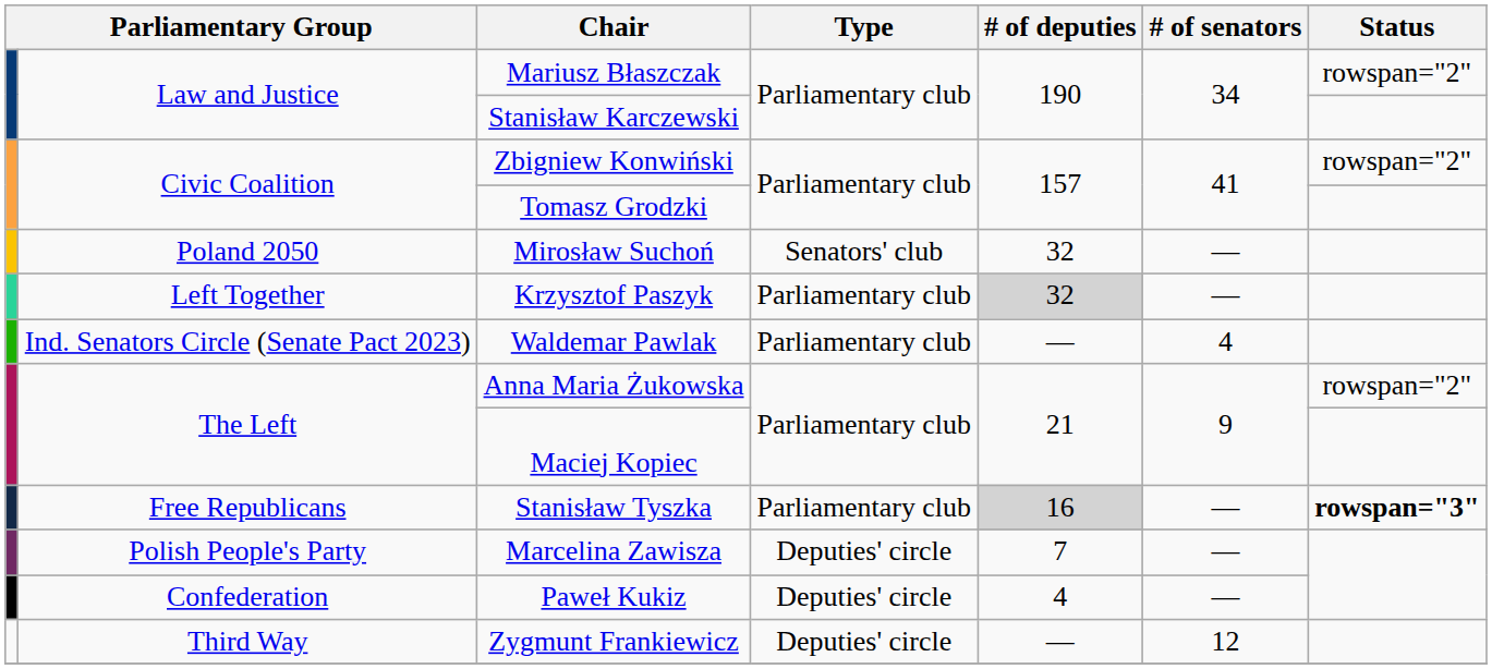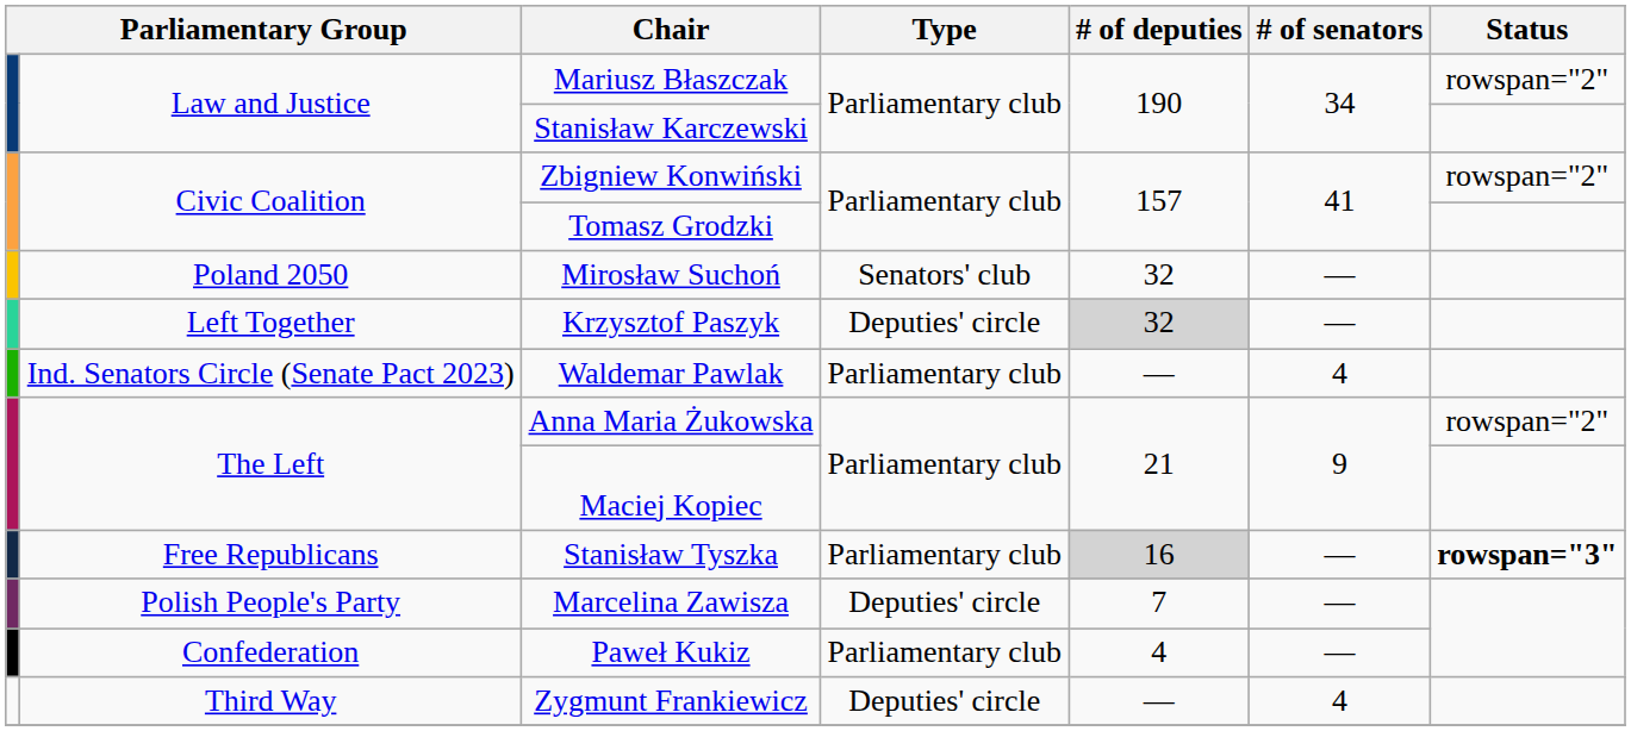 <table class="wikitable" width="auto" style="text-align: center">
 <tr>
 <th colspan="2">Parliamentary Group</th>
 <th>Chair</th>
 <th>Type</th>
 <th># of deputies</th>
 <th># of senators</th>
 <th>Status</th>
 </tr>
 <tr>
 <td rowspan="2" bgcolor="#073a76"></td>
 <td rowspan="2"><a href='#'>Law and Justice</a></td>
 <td><a href='#'>Mariusz Błaszczak</a> </td>
 <td rowspan="2">Parliamentary club</td>
 <td rowspan="2">190</td>
 <td rowspan="2">34</td>
 <td>rowspan="2" </td>
 </tr>
 <tr>
 <td><a href='#'>Stanisław Karczewski</a> </td>
 </tr>
 <tr>
 <td rowspan="2" bgcolor="#fca241"></td>
 <td rowspan="2"><a href='#'>Civic Coalition</a></td>
 <td><a href='#'>Zbigniew Konwiński</a> </td>
 <td rowspan="2">Parliamentary club</td>
 <td rowspan="2">157</td>
 <td rowspan="2">41</td>
 <td>rowspan="2" </td>
 </tr>
 <tr>
 <td><a href='#'>Tomasz Grodzki</a> </td>
 </tr>
 <tr>
 <td bgcolor="#fbc400"></td>
 <td><a href='#'>Poland 2050</a></td>
 <td><a href='#'>Mirosław Suchoń</a> </td>
 <td>Senators' club</td>
 <td>32</td>
 <td>—</td>
 <td></td>
 </tr>
 <tr>
 <td bgcolor="#2ad499"></td>
 <td><a href='#'>Left Together</a></td>
 <td><a href='#'>Krzysztof Paszyk</a> </td>
-<td>Parliamentary club</td>
+<td>Deputies' circle</td>
 <td style="background: lightgrey;">32</td>
 <td>—</td>
 <td></td>
 </tr>
 <tr>
 <td bgcolor="#1bb100"></td>
 <td><a href='#'>Ind. Senators Circle</a> (<a href='#'>Senate Pact 2023</a>)</td>
 <td><a href='#'>Waldemar Pawlak</a> </td>
 <td>Parliamentary club</td>
 <td>—</td>
 <td>4</td>
 <td></td>
 </tr>
 <tr>
 <td rowspan="2" bgcolor="#ac145a"></td>
 <td rowspan="2"><a href='#'>The Left</a></td>
 <td><a href='#'>Anna Maria Żukowska</a> </td>
 <td rowspan="2">Parliamentary club</td>
 <td rowspan="2">21</td>
 <td rowspan="2">9</td>
 <td>rowspan="2" </td>
 </tr>
 <tr>
 <td><br><a href='#'>Maciej Kopiec</a><br></td>
 </tr>
 <tr>
 <td bgcolor="#122948"></td>
 <td><a href='#'>Free Republicans</a></td>
 <td><a href='#'>Stanisław Tyszka</a></td>
 <td>Parliamentary club</td>
 <td style="background: lightgrey;">16</td>
 <td>—</td>
 <td><strong>rowspan="3" </strong></td>
 </tr>
 <tr>
 <td bgcolor="#702963"></td>
 <td><a href='#'>Polish People's Party</a></td>
 <td><a href='#'>Marcelina Zawisza</a></td>
 <td>Deputies' circle</td>
 <td>7</td>
 <td>—</td>
 </tr>
 <tr>
 <td bgcolor="#000000"></td>
 <td><a href='#'>Confederation</a></td>
 <td><a href='#'>Paweł Kukiz</a></td>
-<td>Deputies' circle</td>
+<td>Parliamentary club</td>
 <td>4</td>
 <td>—</td>
 </tr>
 <tr>
 <td></td>
 <td><a href='#'>Third Way</a></td>
 <td><a href='#'>Zygmunt Frankiewicz</a></td>
 <td>Deputies' circle</td>
 <td>—</td>
-<td>12</td>
+<td>4</td>
 <td></td>
 </tr>
 <tr>
 </tr>
 </table>
